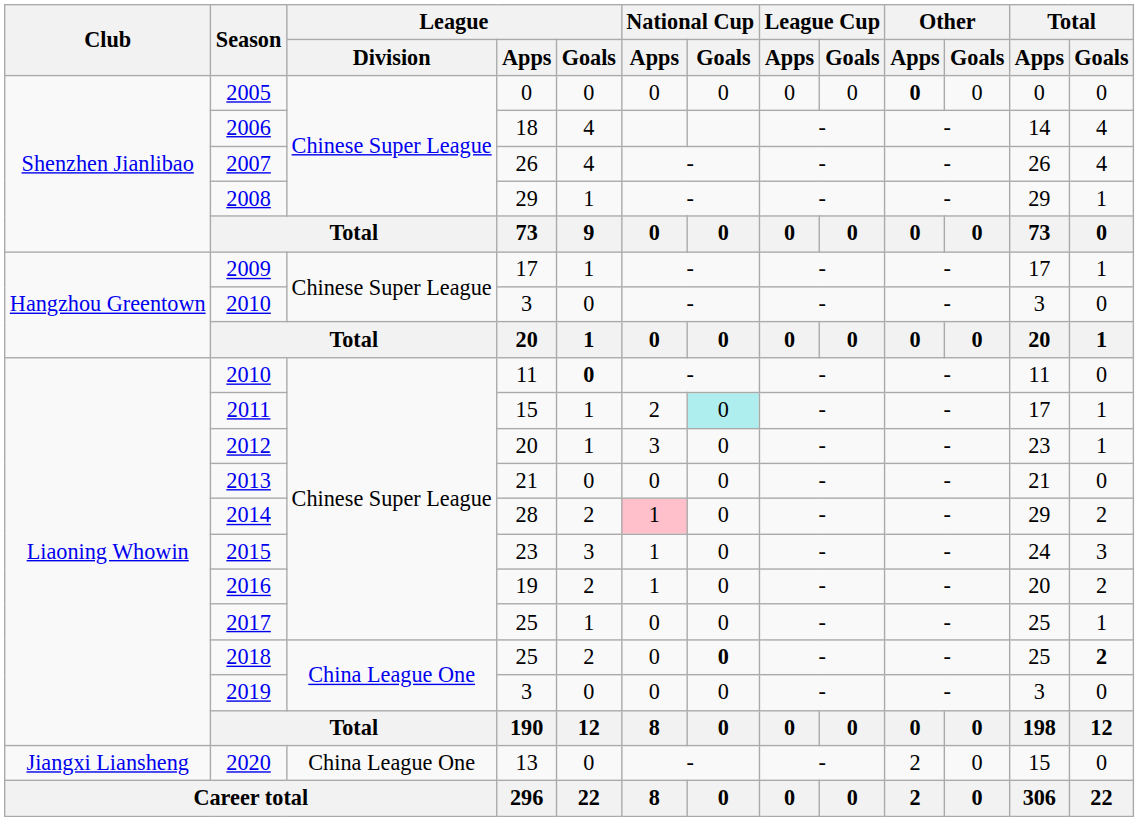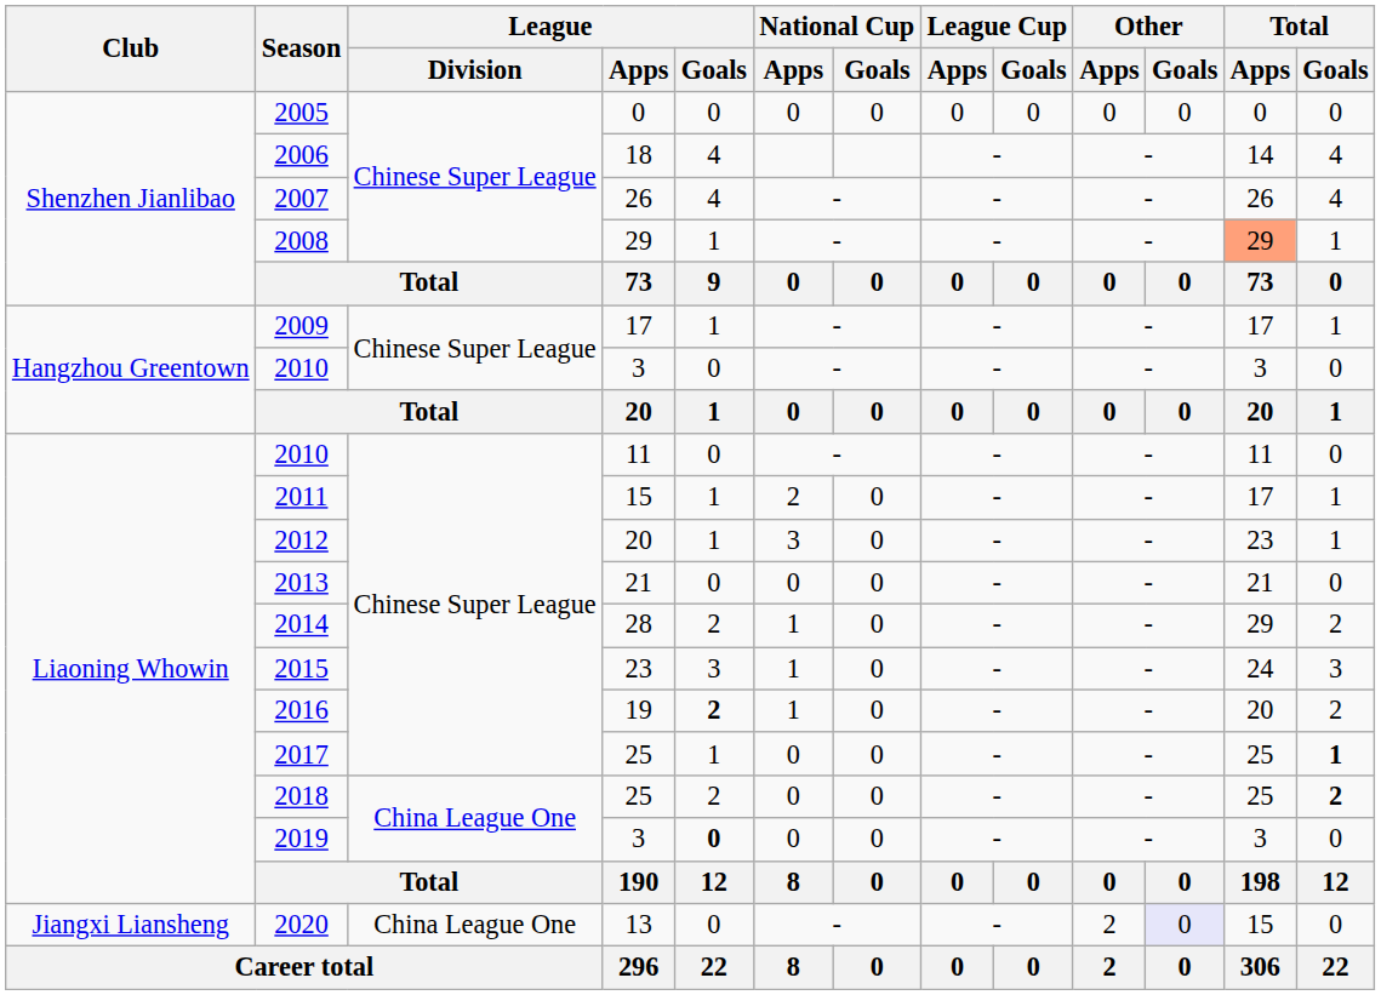 <table class="wikitable" style="text-align: center">
 <tr>
 <th rowspan="2">Club</th>
 <th rowspan="2">Season</th>
 <th colspan="3">League</th>
 <th colspan="2">National Cup</th>
 <th colspan="2">League Cup</th>
 <th colspan="2">Other</th>
 <th colspan="2">Total</th>
 </tr>
 <tr>
 <th>Division</th>
 <th>Apps</th>
 <th>Goals</th>
 <th>Apps</th>
 <th>Goals</th>
 <th>Apps</th>
 <th>Goals</th>
 <th>Apps</th>
 <th>Goals</th>
 <th>Apps</th>
 <th>Goals</th>
 </tr>
 <tr>
 <td rowspan=5><a href='#'>Shenzhen Jianlibao</a></td>
 <td><a href='#'>2005</a></td>
 <td rowspan=4><a href='#'>Chinese Super League</a></td>
 <td>0</td>
 <td>0</td>
 <td>0</td>
 <td>0</td>
 <td>0</td>
 <td>0</td>
-<td><strong>0</strong></td>
+<td>0</td>
 <td>0</td>
 <td>0</td>
 <td>0</td>
 </tr>
 <tr>
 <td><a href='#'>2006</a></td>
 <td>18</td>
 <td>4</td>
 <td></td>
 <td></td>
 <td colspan="2">-</td>
 <td colspan="2">-</td>
 <td>14</td>
 <td>4</td>
 </tr>
 <tr>
 <td><a href='#'>2007</a></td>
 <td>26</td>
 <td>4</td>
 <td colspan="2">-</td>
 <td colspan="2">-</td>
 <td colspan="2">-</td>
 <td>26</td>
 <td>4</td>
 </tr>
 <tr>
 <td><a href='#'>2008</a></td>
 <td>29</td>
 <td>1</td>
 <td colspan="2">-</td>
 <td colspan="2">-</td>
 <td colspan="2">-</td>
-<td>29</td>
+<td style="background: lightsalmon;">29</td>
 <td>1</td>
 </tr>
 <tr>
 <th colspan=2>Total</th>
 <th>73</th>
 <th>9</th>
 <th>0</th>
 <th>0</th>
 <th>0</th>
 <th>0</th>
 <th>0</th>
 <th>0</th>
 <th>73</th>
 <th>0</th>
 </tr>
 <tr>
 <td rowspan=3><a href='#'>Hangzhou Greentown</a></td>
 <td><a href='#'>2009</a></td>
 <td rowspan=2>Chinese Super League</td>
 <td>17</td>
 <td>1</td>
 <td colspan="2">-</td>
 <td colspan="2">-</td>
 <td colspan="2">-</td>
 <td>17</td>
 <td>1</td>
 </tr>
 <tr>
 <td><a href='#'>2010</a></td>
 <td>3</td>
 <td>0</td>
 <td colspan="2">-</td>
 <td colspan="2">-</td>
 <td colspan="2">-</td>
 <td>3</td>
 <td>0</td>
 </tr>
 <tr>
 <th colspan=2>Total</th>
 <th>20</th>
 <th>1</th>
 <th>0</th>
 <th>0</th>
 <th>0</th>
 <th>0</th>
 <th>0</th>
 <th>0</th>
 <th>20</th>
 <th>1</th>
 </tr>
 <tr>
 <td rowspan=11><a href='#'>Liaoning Whowin</a></td>
 <td><a href='#'>2010</a></td>
 <td rowspan=8>Chinese Super League</td>
 <td>11</td>
-<td><strong>0</strong></td>
+<td>0</td>
 <td colspan="2">-</td>
 <td colspan="2">-</td>
 <td colspan="2">-</td>
 <td>11</td>
 <td>0</td>
 </tr>
 <tr>
 <td><a href='#'>2011</a></td>
 <td>15</td>
 <td>1</td>
 <td>2</td>
-<td style="background: paleturquoise;">0</td>
+<td>0</td>
 <td colspan="2">-</td>
 <td colspan="2">-</td>
 <td>17</td>
 <td>1</td>
 </tr>
 <tr>
 <td><a href='#'>2012</a></td>
 <td>20</td>
 <td>1</td>
 <td>3</td>
 <td>0</td>
 <td colspan="2">-</td>
 <td colspan="2">-</td>
 <td>23</td>
 <td>1</td>
 </tr>
 <tr>
 <td><a href='#'>2013</a></td>
 <td>21</td>
 <td>0</td>
 <td>0</td>
 <td>0</td>
 <td colspan="2">-</td>
 <td colspan="2">-</td>
 <td>21</td>
 <td>0</td>
 </tr>
 <tr>
 <td><a href='#'>2014</a></td>
 <td>28</td>
 <td>2</td>
-<td style="background: pink;">1</td>
+<td>1</td>
 <td>0</td>
 <td colspan="2">-</td>
 <td colspan="2">-</td>
 <td>29</td>
 <td>2</td>
 </tr>
 <tr>
 <td><a href='#'>2015</a></td>
 <td>23</td>
 <td>3</td>
 <td>1</td>
 <td>0</td>
 <td colspan="2">-</td>
 <td colspan="2">-</td>
 <td>24</td>
 <td>3</td>
 </tr>
 <tr>
 <td><a href='#'>2016</a></td>
 <td>19</td>
-<td>2</td>
+<td><strong>2</strong></td>
 <td>1</td>
 <td>0</td>
 <td colspan="2">-</td>
 <td colspan="2">-</td>
 <td>20</td>
 <td>2</td>
 </tr>
 <tr>
 <td><a href='#'>2017</a></td>
 <td>25</td>
 <td>1</td>
 <td>0</td>
 <td>0</td>
 <td colspan="2">-</td>
 <td colspan="2">-</td>
 <td>25</td>
-<td>1</td>
+<td><strong>1</strong></td>
 </tr>
 <tr>
 <td><a href='#'>2018</a></td>
 <td rowspan="2"><a href='#'>China League One</a></td>
 <td>25</td>
 <td>2</td>
 <td>0</td>
-<td><strong>0</strong></td>
+<td>0</td>
 <td colspan="2">-</td>
 <td colspan="2">-</td>
 <td>25</td>
 <td><strong>2</strong></td>
 </tr>
 <tr>
 <td><a href='#'>2019</a></td>
 <td>3</td>
-<td>0</td>
+<td><strong>0</strong></td>
 <td>0</td>
 <td>0</td>
 <td colspan="2">-</td>
 <td colspan="2">-</td>
 <td>3</td>
 <td>0</td>
 </tr>
 <tr>
 <th colspan=2>Total</th>
 <th>190</th>
 <th>12</th>
 <th>8</th>
 <th>0</th>
 <th>0</th>
 <th>0</th>
 <th>0</th>
 <th>0</th>
 <th>198</th>
 <th>12</th>
 </tr>
 <tr>
 <td><a href='#'>Jiangxi Liansheng</a></td>
 <td><a href='#'>2020</a></td>
 <td>China League One</td>
 <td>13</td>
 <td>0</td>
 <td colspan="2">-</td>
 <td colspan="2">-</td>
 <td>2</td>
-<td>0</td>
+<td style="background: lavender;">0</td>
 <td>15</td>
 <td>0</td>
 </tr>
 <tr>
 <th colspan=3>Career total</th>
 <th>296</th>
 <th>22</th>
 <th>8</th>
 <th>0</th>
 <th>0</th>
 <th>0</th>
 <th>2</th>
 <th>0</th>
 <th>306</th>
 <th>22</th>
 </tr>
 </table>
